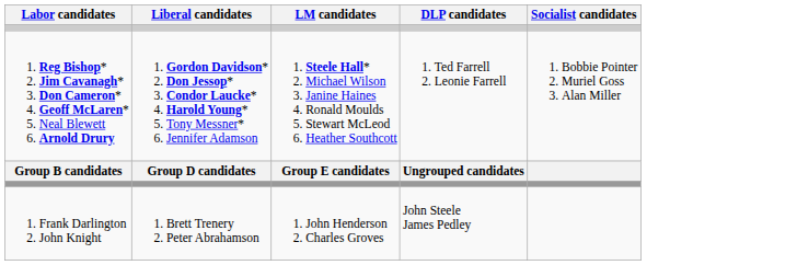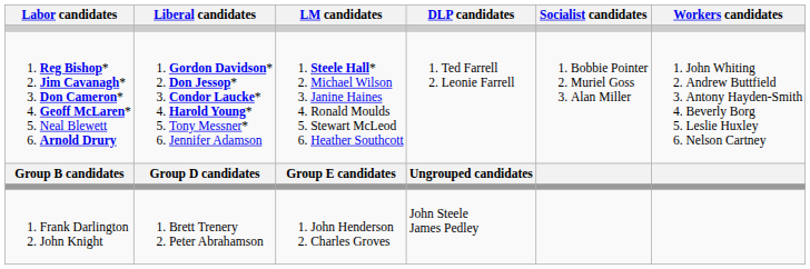 <table class="wikitable">
 <tr>
 <th><a href='#'>Labor</a> candidates</th>
 <th><a href='#'>Liberal</a> candidates</th>
 <th><a href='#'>LM</a> candidates</th>
 <th><a href='#'>DLP</a> candidates</th>
 <th><a href='#'>Socialist</a> candidates</th>
+<th><a href='#'>Workers</a> candidates</th>
 </tr>
 <tr bgcolor="#cccccc">
+<td></td>
 <td></td>
 <td></td>
 <td></td>
 <td></td>
 <td></td>
 </tr>
 <tr>
 <td><br><ol><li><strong><a href='#'>Reg Bishop</a></strong>*</li><li><strong><a href='#'>Jim Cavanagh</a></strong>*</li><li><strong><a href='#'>Don Cameron</a></strong>*</li><li><strong><a href='#'>Geoff McLaren</a></strong>*</li><li><a href='#'>Neal Blewett</a></li><li><strong><a href='#'>Arnold Drury</a></strong></li></ol></td>
 <td><br><ol><li><strong><a href='#'>Gordon Davidson</a></strong>*</li><li><strong><a href='#'>Don Jessop</a></strong>*</li><li><strong><a href='#'>Condor Laucke</a></strong>*</li><li><strong><a href='#'>Harold Young</a></strong>*</li><li><a href='#'>Tony Messner</a>*</li><li><a href='#'>Jennifer Adamson</a></li></ol></td>
 <td><br><ol><li><strong><a href='#'>Steele Hall</a></strong>*</li><li><a href='#'>Michael Wilson</a></li><li><a href='#'>Janine Haines</a></li><li>Ronald Moulds</li><li>Stewart McLeod</li><li><a href='#'>Heather Southcott</a></li></ol></td>
 <td valign=top><br><ol><li>Ted Farrell</li><li>Leonie Farrell</li></ol></td>
 <td valign=top><br><ol><li>Bobbie Pointer</li><li>Muriel Goss</li><li>Alan Miller</li></ol></td>
+<td valign=top><br><ol><li>John Whiting</li><li>Andrew Buttfield</li><li>Antony Hayden-Smith</li><li>Beverly Borg</li><li>Leslie Huxley</li><li>Nelson Cartney</li></ol></td>
 </tr>
 <tr bgcolor="#cccccc">
 <th>Group B candidates</th>
 <th>Group D candidates</th>
 <th>Group E candidates</th>
 <th>Ungrouped candidates</th>
 <th></th>
+<th></th>
 </tr>
 <tr bgcolor="#cccccc">
+<td bgcolor="#999999"></td>
 <td bgcolor="#999999"></td>
 <td bgcolor="#999999"></td>
 <td bgcolor="#999999"></td>
 <td bgcolor="#999999"></td>
 <td bgcolor="#999999"></td>
 </tr>
 <tr>
 <td valign=top><br><ol><li>Frank Darlington</li><li>John Knight</li></ol></td>
 <td valign=top><br><ol><li>Brett Trenery</li><li>Peter Abrahamson</li></ol></td>
 <td valign=top><br><ol><li>John Henderson</li><li>Charles Groves</li></ol></td>
 <td valign=top><br>John Steele<br> James Pedley</td>
 <td valign=top></td>
+<td valign=top></td>
 </tr>
 </table>
